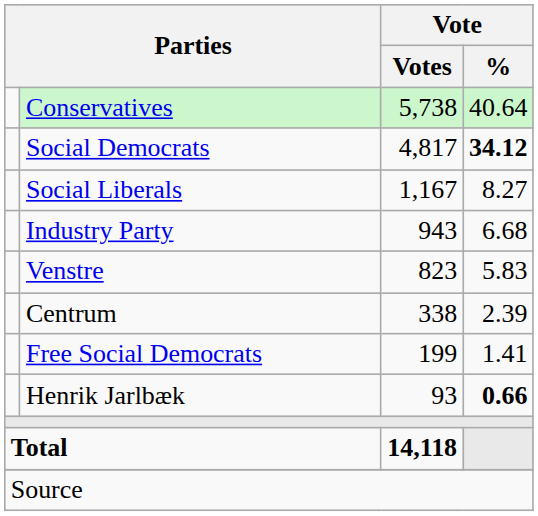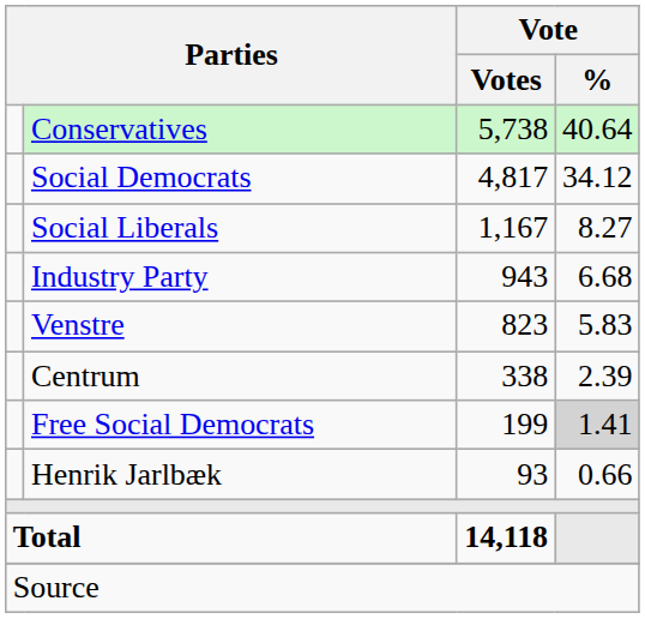 <table class="wikitable" style="text-align:right;">
 <tr>
 <th style="text-align:centre;" rowspan="2" colspan="2" width="225">Parties</th>
 <th colspan="3">Vote</th>
 </tr>
 <tr>
 <th width="15">Votes</th>
 <th width="15">%</th>
 </tr>
 <tr>
 <td width="2" style="color:inherit;background:"></td>
 <td bgcolor=#ccf7cc  align="left"><a href='#'>Conservatives</a></td>
 <td bgcolor=#ccf7cc>5,738</td>
 <td bgcolor=#ccf7cc>40.64</td>
 </tr>
 <tr>
 <td width="2" style="color:inherit;background:"></td>
 <td align="left"><a href='#'>Social Democrats</a></td>
 <td>4,817</td>
-<td><strong>34.12</strong></td>
+<td>34.12</td>
 </tr>
 <tr>
 <td width="2" style="color:inherit;background:"></td>
 <td align="left"><a href='#'>Social Liberals</a></td>
 <td>1,167</td>
 <td>8.27</td>
 </tr>
 <tr>
 <td width="2" style="color:inherit;background:"></td>
 <td align="left"><a href='#'>Industry Party</a></td>
 <td>943</td>
 <td>6.68</td>
 </tr>
 <tr>
 <td width="2" style="color:inherit;background:"></td>
 <td align="left"><a href='#'>Venstre</a></td>
 <td>823</td>
 <td>5.83</td>
 </tr>
 <tr>
 <td width="2" style="color:inherit;background:"></td>
 <td align="left">Centrum</td>
 <td>338</td>
 <td>2.39</td>
 </tr>
 <tr>
 <td width="2" style="color:inherit;background:"></td>
 <td align="left"><a href='#'>Free Social Democrats</a></td>
 <td>199</td>
-<td>1.41</td>
+<td style="background: lightgrey;">1.41</td>
 </tr>
 <tr>
 <td width="2" style="color:inherit;background:"></td>
 <td align="left">Henrik Jarlbæk</td>
 <td>93</td>
-<td><strong>0.66</strong></td>
+<td>0.66</td>
 </tr>
 <tr>
 <td colspan="7" bgcolor="#E9E9E9"></td>
 </tr>
 <tr>
 <td align="left" colspan="2"><strong>Total</strong></td>
 <td><strong>14,118</strong></td>
 <td bgcolor="#E9E9E9" colspan="2"></td>
 </tr>
 <tr>
 </tr>
 <tr>
 <td align="left" colspan="6">Source</td>
 </tr>
 </table>
